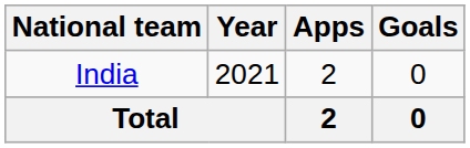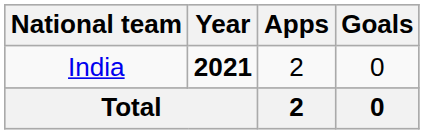 <table class="wikitable" style="text-align: center;">
 <tr>
 <th>National team</th>
 <th>Year</th>
 <th>Apps</th>
 <th>Goals</th>
 </tr>
 <tr>
 <td><a href='#'>India</a></td>
-<td>2021</td>
+<td><strong>2021</strong></td>
 <td>2</td>
 <td>0</td>
 </tr>
 <tr>
 <th colspan="2">Total</th>
 <th>2</th>
 <th>0</th>
 </tr>
 </table>
